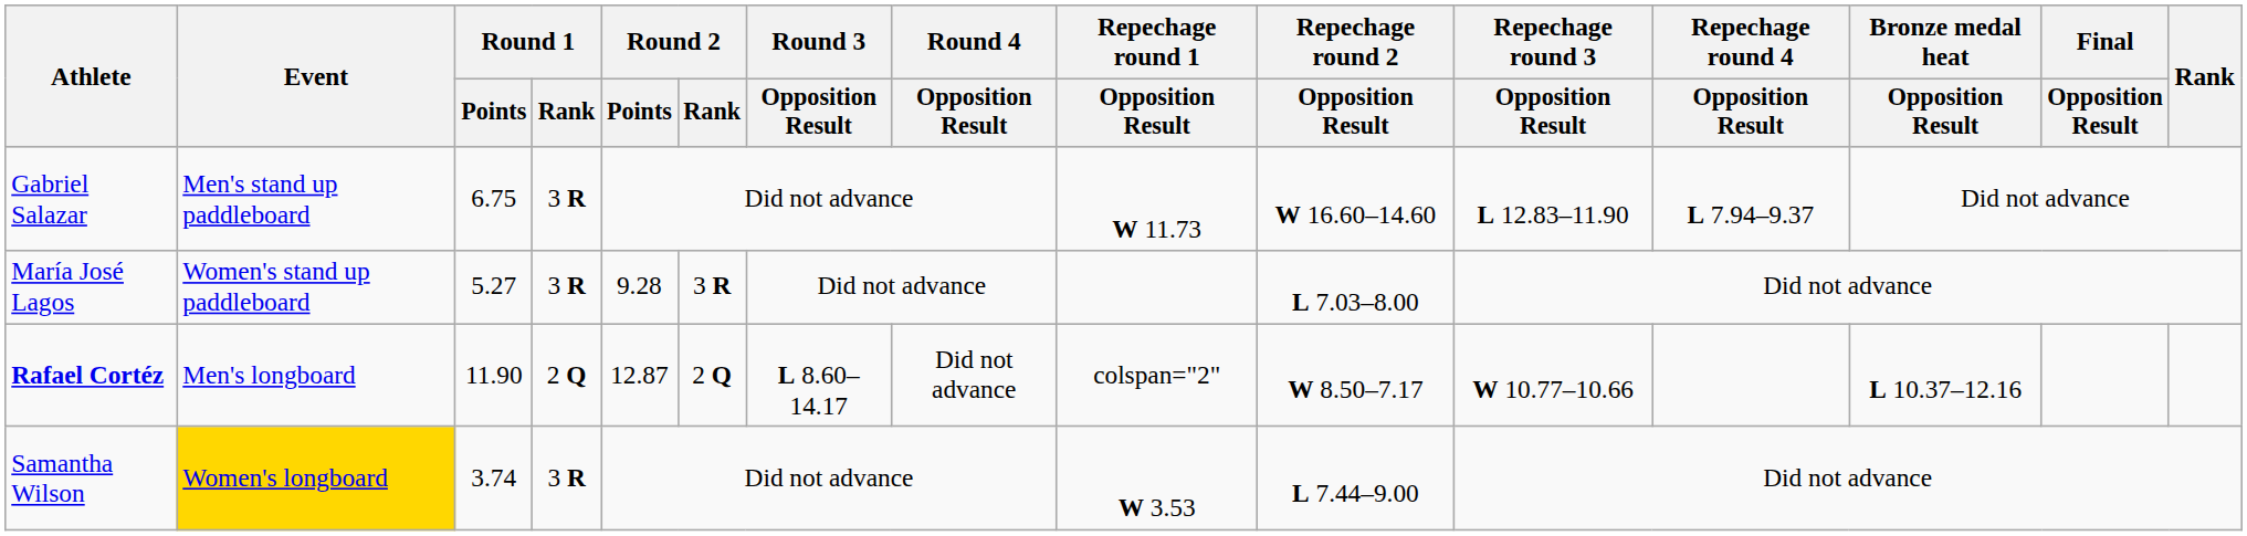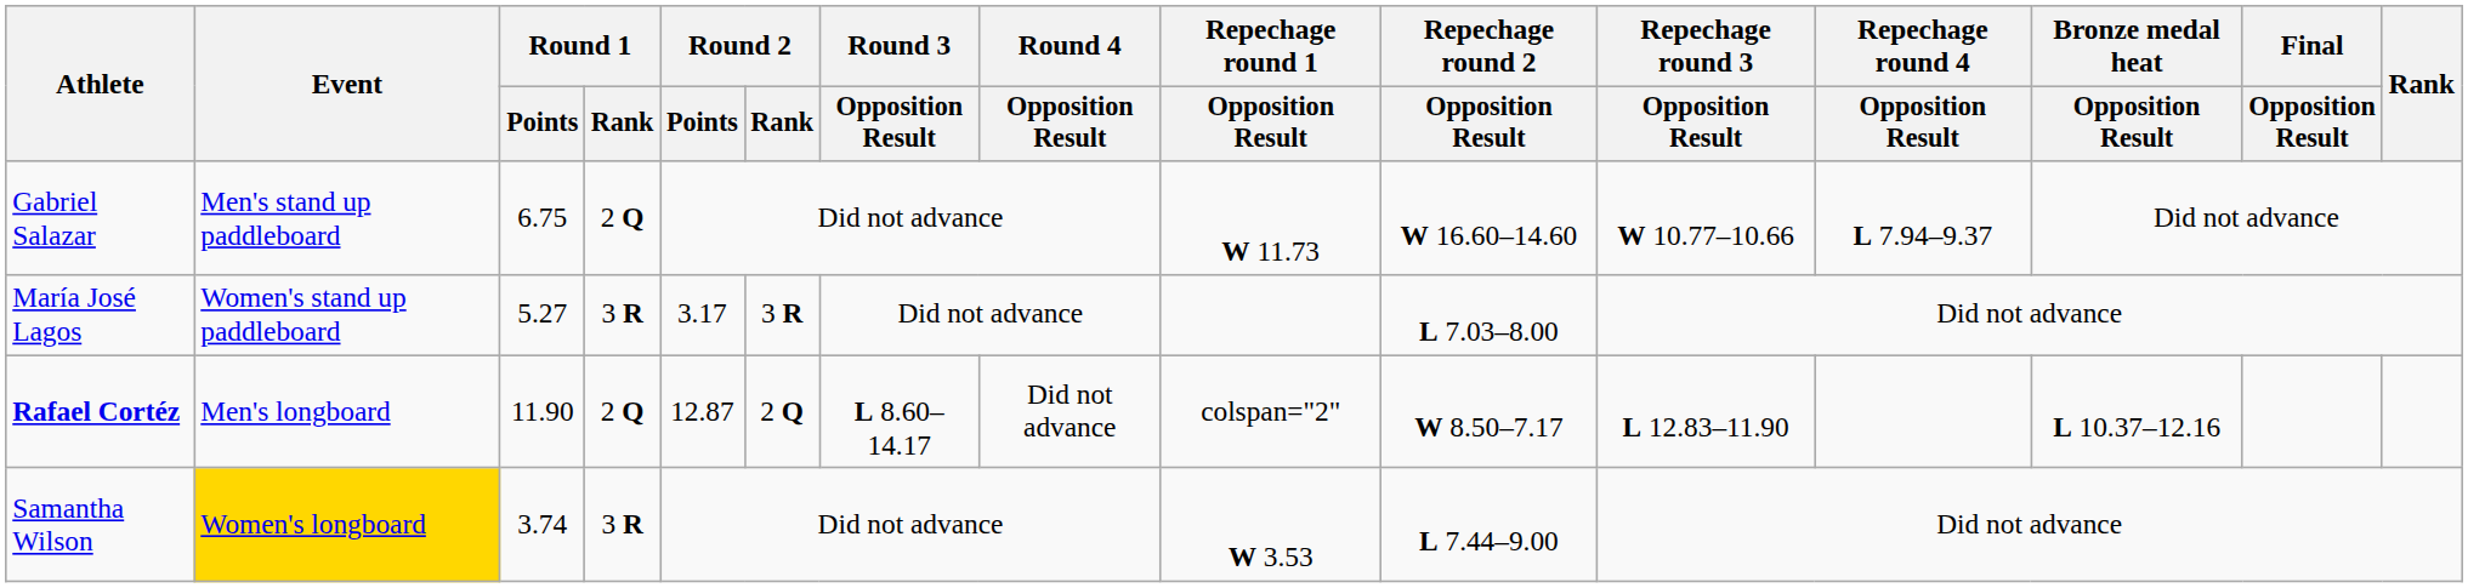 <table class="wikitable" style="font-size:90%;text-align:center">
 <tr>
 <th rowspan=2>Athlete</th>
 <th rowspan=2>Event</th>
 <th colspan=2>Round 1</th>
 <th colspan=2>Round 2</th>
 <th>Round 3</th>
 <th>Round 4</th>
 <th>Repechage round 1</th>
 <th>Repechage round 2</th>
 <th>Repechage round 3</th>
 <th>Repechage round 4</th>
 <th>Bronze medal heat</th>
 <th>Final</th>
 <th rowspan=2>Rank</th>
 </tr>
 <tr style="font-size: 95%">
 <th>Points</th>
 <th>Rank</th>
 <th>Points</th>
 <th>Rank</th>
 <th>Opposition<br>Result</th>
 <th>Opposition<br>Result</th>
 <th>Opposition<br>Result</th>
 <th>Opposition<br>Result</th>
 <th>Opposition<br>Result</th>
 <th>Opposition<br>Result</th>
 <th>Opposition<br>Result</th>
 <th>Opposition<br>Result</th>
 </tr>
 <tr>
 <td style="text-align:left"><a href='#'>Gabriel Salazar</a></td>
 <td style="text-align:left"><a href='#'>Men's stand up paddleboard</a></td>
 <td>6.75</td>
-<td>3 <strong>R</strong></td>
+<td>2 <strong>Q</strong></td>
 <td colspan="4">Did not advance</td>
 <td><br><br><strong>W</strong> 11.73</td>
 <td><br><strong>W</strong> 16.60–14.60</td>
-<td><br><strong>L</strong> 12.83–11.90</td>
+<td><br><strong>W</strong> 10.77–10.66</td>
 <td><br><strong>L</strong> 7.94–9.37</td>
 <td colspan="3">Did not advance</td>
 </tr>
 <tr>
 <td style="text-align:left"><a href='#'>María José Lagos</a></td>
 <td style="text-align:left"><a href='#'>Women's stand up paddleboard</a></td>
 <td>5.27</td>
 <td>3 <strong>R</strong></td>
-<td>9.28</td>
+<td>3.17</td>
 <td>3 <strong>R</strong></td>
 <td colspan="2">Did not advance</td>
 <td></td>
 <td><br><strong>L</strong> 7.03–8.00</td>
 <td colspan="5">Did not advance</td>
 </tr>
 <tr>
 <td style="text-align:left"><strong><a href='#'>Rafael Cortéz</a></strong></td>
 <td style="text-align:left"><a href='#'>Men's longboard</a></td>
 <td>11.90</td>
 <td>2 <strong>Q</strong></td>
 <td>12.87</td>
 <td>2 <strong>Q</strong></td>
 <td><br><strong>L</strong> 8.60–14.17</td>
 <td>Did not advance</td>
 <td>colspan="2" </td>
 <td><br><strong>W</strong> 8.50–7.17</td>
-<td><br><strong>W</strong> 10.77–10.66</td>
+<td><br><strong>L</strong> 12.83–11.90</td>
 <td><br></td>
 <td><br><strong>L</strong> 10.37–12.16</td>
 <td></td>
 </tr>
 <tr>
 <td style="text-align:left"><a href='#'>Samantha Wilson</a></td>
 <td style="background: gold; text-align:left"><a href='#'>Women's longboard</a></td>
 <td>3.74</td>
 <td>3 <strong>R</strong></td>
 <td colspan="4">Did not advance</td>
 <td><br><br><strong>W</strong> 3.53</td>
 <td><br><strong>L</strong> 7.44–9.00</td>
 <td colspan="5">Did not advance</td>
 </tr>
 </table>
